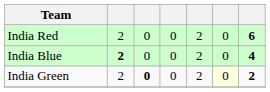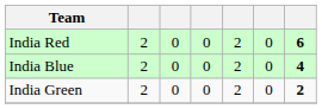 <table class="wikitable" style="text-align:center">
 <tr>
 <th style="width:120px">Team</th>
 <th style="width:25px"></th>
 <th style="width:25px"></th>
 <th style="width:25px"></th>
 <th style="width:25px"></th>
 <th style="width:25px"></th>
 <th style="width:25px"></th>
 </tr>
 <tr style="background:#cfc;">
 <td style="text-align:left">India Red</td>
 <td>2</td>
 <td>0</td>
 <td>0</td>
 <td>2</td>
 <td>0</td>
 <td><strong>6</strong></td>
 </tr>
 <tr style="background:#cfc;">
 <td style="text-align:left">India Blue</td>
-<td><strong>2</strong></td>
+<td>2</td>
 <td>0</td>
 <td>0</td>
 <td>2</td>
 <td>0</td>
 <td><strong>4</strong></td>
 </tr>
 <tr>
 <td style="text-align:left">India Green</td>
 <td>2</td>
-<td><strong>0</strong></td>
+<td>0</td>
 <td>0</td>
 <td>2</td>
-<td style="background: lightyellow;">0</td>
+<td>0</td>
 <td><strong>2</strong></td>
 </tr>
 <tr>
 </tr>
 </table>
